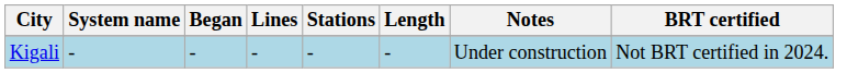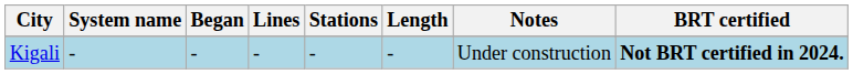 <table class="wikitable">
 <tr>
 <th>City</th>
 <th>System name</th>
 <th>Began</th>
 <th>Lines</th>
 <th>Stations</th>
 <th>Length</th>
 <th>Notes</th>
 <th>BRT certified</th>
 </tr>
 <tr>
 </tr>
 <tr style="background:lightblue;">
 <td><a href='#'>Kigali</a></td>
 <td>-</td>
 <td>-</td>
 <td>-</td>
 <td>-</td>
 <td>-</td>
 <td>Under construction</td>
-<td>Not BRT certified in 2024.</td>
+<td><strong>Not BRT certified in 2024.</strong></td>
 </tr>
 </table>
